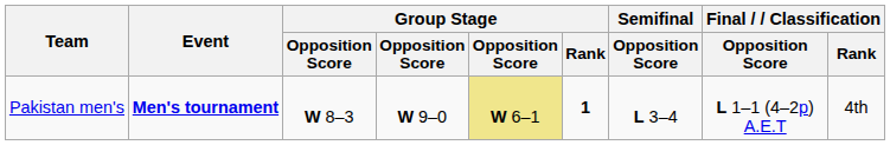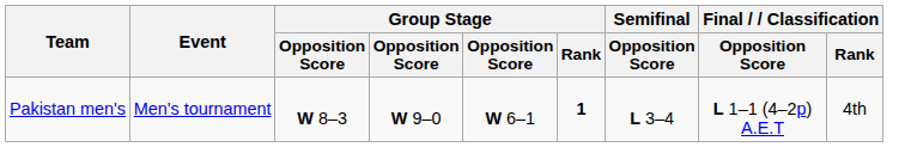 <table class="wikitable" style="font-size:90%;text-align:center">
 <tr>
 <th rowspan="2">Team</th>
 <th rowspan="2">Event</th>
 <th colspan="4">Group Stage</th>
 <th>Semifinal</th>
 <th colspan="2">Final / / Classification</th>
 </tr>
 <tr style="font-size:95%">
 <th>Opposition<br>Score</th>
 <th>Opposition<br>Score</th>
 <th>Opposition<br>Score</th>
 <th>Rank</th>
 <th>Opposition<br>Score</th>
 <th>Opposition<br>Score</th>
 <th>Rank</th>
 </tr>
 <tr>
 <td align="left"><a href='#'>Pakistan men's</a></td>
-<td align="left"><strong><a href='#'>Men's tournament</a></strong></td>
+<td align="left"><a href='#'>Men's tournament</a></td>
 <td><br><strong>W</strong> 8–3</td>
 <td><br><strong>W</strong> 9–0</td>
-<td style="background: khaki;"><br><strong>W</strong> 6–1</td>
+<td><br><strong>W</strong> 6–1</td>
 <td><strong>1</strong></td>
 <td><br><strong>L</strong> 3–4</td>
 <td><br><strong>L</strong> 1–1 (4–2<a href='#'>p</a>)<br><a href='#'>A.E.T</a></td>
 <td>4th</td>
 </tr>
 </table>
